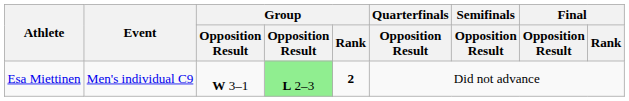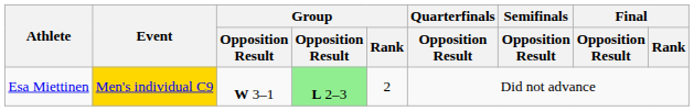 <table class="wikitable">
 <tr>
 <th rowspan="2">Athlete</th>
 <th rowspan="2">Event</th>
 <th colspan="3">Group</th>
 <th>Quarterfinals</th>
 <th>Semifinals</th>
 <th colspan="2">Final</th>
 </tr>
 <tr>
 <th>Opposition<br>Result</th>
 <th>Opposition<br>Result</th>
 <th>Rank</th>
 <th>Opposition<br>Result</th>
 <th>Opposition<br>Result</th>
 <th>Opposition<br>Result</th>
 <th>Rank</th>
 </tr>
 <tr>
 <td><a href='#'>Esa Miettinen</a></td>
-<td><a href='#'>Men's individual C9</a></td>
+<td style="background: gold;"><a href='#'>Men's individual C9</a></td>
 <td align=center><br><strong>W</strong> 3–1</td>
 <td align=center style="background: lightgreen;"><br><strong>L</strong> 2–3</td>
-<td align=center><strong>2</strong></td>
+<td align=center>2</td>
 <td colspan=4 align=center>Did not advance</td>
 </tr>
 </table>
